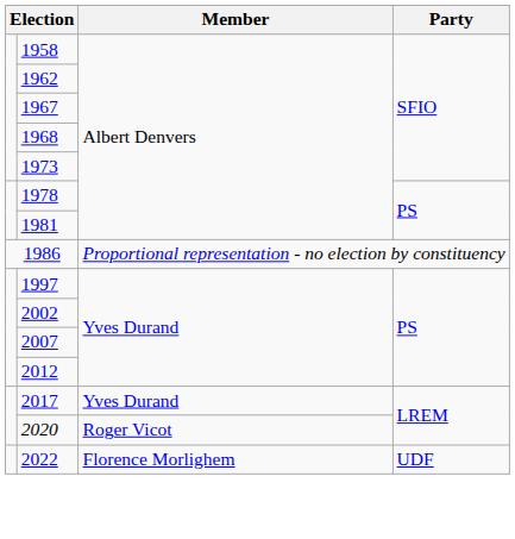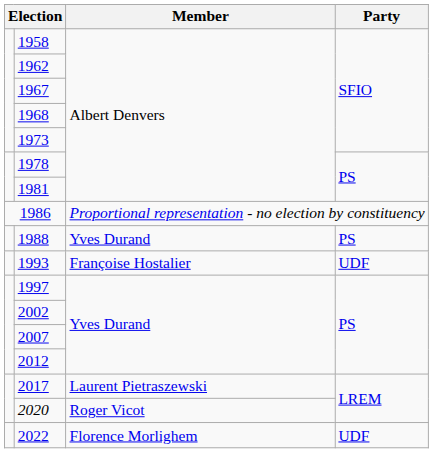 <table class="wikitable">
 <tr>
 <th colspan="2">Election</th>
 <th>Member</th>
 <th>Party</th>
 </tr>
 <tr>
 <td rowspan="5" style="color:inherit;background-color: "></td>
 <td><a href='#'>1958</a></td>
 <td rowspan="7">Albert Denvers</td>
 <td rowspan="5"><a href='#'>SFIO</a></td>
 </tr>
 <tr>
 <td><a href='#'>1962</a></td>
 </tr>
 <tr>
 <td><a href='#'>1967</a></td>
 </tr>
 <tr>
 <td><a href='#'>1968</a></td>
 </tr>
 <tr>
 <td><a href='#'>1973</a></td>
 </tr>
 <tr>
 <td rowspan="2" style="color:inherit;background-color: "></td>
 <td><a href='#'>1978</a></td>
 <td rowspan="2"><a href='#'>PS</a></td>
 </tr>
 <tr>
 <td><a href='#'>1981</a></td>
 </tr>
 <tr>
 <td colspan="2" align="center"><a href='#'>1986</a></td>
 <td colspan="2"><em><a href='#'>Proportional representation</a> - no election by constituency</em></td>
 </tr>
 <tr>
+<td style="color:inherit;background-color: "></td>
+<td><a href='#'>1988</a></td>
+<td><a href='#'>Yves Durand</a></td>
+<td><a href='#'>PS</a></td>
+</tr>
+<tr>
+<td style="color:inherit;background-color: "></td>
+<td><a href='#'>1993</a></td>
+<td><a href='#'>Françoise Hostalier</a></td>
+<td><a href='#'>UDF</a></td>
+</tr>
+<tr>
 <td rowspan="4" style="color:inherit;background-color: "></td>
 <td><a href='#'>1997</a></td>
 <td rowspan="4"><a href='#'>Yves Durand</a></td>
 <td rowspan="4"><a href='#'>PS</a></td>
 </tr>
 <tr>
 <td><a href='#'>2002</a></td>
 </tr>
 <tr>
 <td><a href='#'>2007</a></td>
 </tr>
 <tr>
 <td><a href='#'>2012</a></td>
 </tr>
 <tr>
 <td rowspan="2" style="color:inherit;background-color: "></td>
 <td><a href='#'>2017</a></td>
-<td><a href='#'>Yves Durand</a></td>
+<td><a href='#'>Laurent Pietraszewski</a></td>
 <td rowspan="2"><a href='#'>LREM</a></td>
 </tr>
 <tr>
 <td><em>2020</em></td>
 <td><a href='#'>Roger Vicot</a></td>
 </tr>
 <tr>
 <td style="color:inherit;background-color: "></td>
 <td><a href='#'>2022</a></td>
 <td><a href='#'>Florence Morlighem</a></td>
 <td><a href='#'>UDF</a></td>
 </tr>
 </table>
